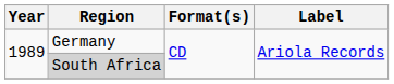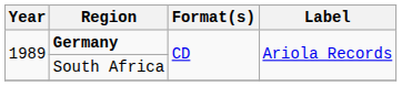 <table class="wikitable">
 <tr>
 <th align="center">Year</th>
 <th align="center">Region</th>
 <th align="center">Format(s)</th>
 <th align="center">Label</th>
 </tr>
 <tr>
 <td align="left" rowspan="2">1989</td>
-<td align="left">Germany</td>
+<td align="left"><strong>Germany</strong></td>
 <td align="left" rowspan="2"><a href='#'>CD</a></td>
 <td align="left" rowspan="2"><a href='#'>Ariola Records</a></td>
 </tr>
 <tr>
-<td align="left" style="background: lightgrey;">South Africa</td>
+<td align="left">South Africa</td>
 </tr>
 <tr>
 </tr>
 </table>
